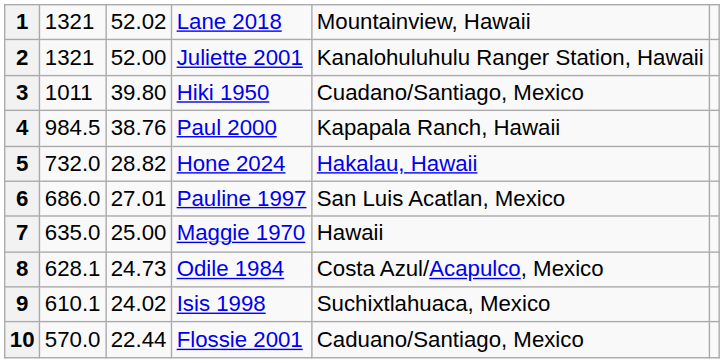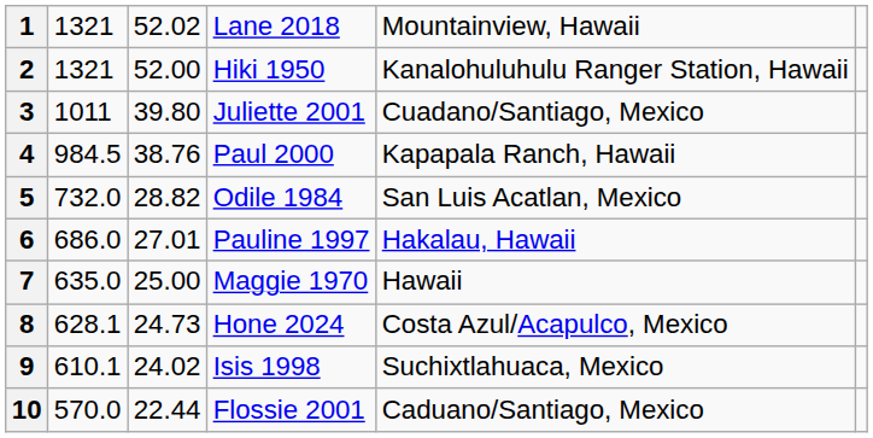 <table class="wikitable">
 <tr>
 <th scope="row">1</th>
 <td>1321</td>
 <td>52.02</td>
 <td><a href='#'>Lane 2018</a></td>
 <td>Mountainview, Hawaii</td>
 <td></td>
 </tr>
 <tr>
 <th scope="row">2</th>
 <td>1321</td>
 <td>52.00</td>
-<td><a href='#'>Juliette 2001</a></td>
+<td><a href='#'>Hiki 1950</a></td>
 <td>Kanalohuluhulu Ranger Station, Hawaii</td>
 <td></td>
 </tr>
 <tr>
 <th scope="row">3</th>
 <td>1011</td>
 <td>39.80</td>
-<td><a href='#'>Hiki 1950</a></td>
+<td><a href='#'>Juliette 2001</a></td>
 <td>Cuadano/Santiago, Mexico</td>
 <td></td>
 </tr>
 <tr>
 <th scope="row">4</th>
 <td>984.5</td>
 <td>38.76</td>
 <td><a href='#'>Paul 2000</a></td>
 <td>Kapapala Ranch, Hawaii</td>
 <td></td>
 </tr>
 <tr>
 <th scope="row">5</th>
 <td>732.0</td>
 <td>28.82</td>
-<td><a href='#'>Hone 2024</a></td>
-<td><a href='#'>Hakalau, Hawaii</a></td>
+<td><a href='#'>Odile 1984</a></td>
+<td>San Luis Acatlan, Mexico</td>
 <td></td>
 </tr>
 <tr>
 <th scope="row">6</th>
 <td>686.0</td>
 <td>27.01</td>
 <td><a href='#'>Pauline 1997</a></td>
-<td>San Luis Acatlan, Mexico</td>
+<td><a href='#'>Hakalau, Hawaii</a></td>
 <td></td>
 </tr>
 <tr>
 <th scope="row">7</th>
 <td>635.0</td>
 <td>25.00</td>
 <td><a href='#'>Maggie 1970</a></td>
 <td>Hawaii</td>
 <td></td>
 </tr>
 <tr>
 <th scope="row">8</th>
 <td>628.1</td>
 <td>24.73</td>
-<td><a href='#'>Odile 1984</a></td>
+<td><a href='#'>Hone 2024</a></td>
 <td>Costa Azul/<a href='#'>Acapulco</a>, Mexico</td>
 <td></td>
 </tr>
 <tr>
 <th scope="row">9</th>
 <td>610.1</td>
 <td>24.02</td>
 <td><a href='#'>Isis 1998</a></td>
 <td>Suchixtlahuaca, Mexico</td>
 <td></td>
 </tr>
 <tr>
 <th scope="row">10</th>
 <td>570.0</td>
 <td>22.44</td>
 <td><a href='#'>Flossie 2001</a></td>
 <td>Caduano/Santiago, Mexico</td>
 <td></td>
 </tr>
 </table>
